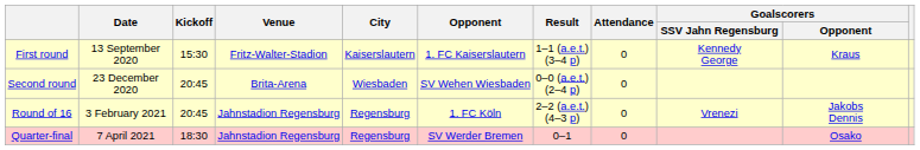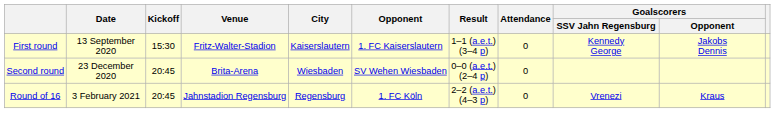 <table class="wikitable" Style="text-align: center;font-size:85%">
 <tr>
 <th rowspan="2"></th>
 <th rowspan="2" style="width:110px">Date</th>
 <th rowspan="2">Kickoff</th>
 <th rowspan="2">Venue</th>
 <th rowspan="2">City</th>
 <th rowspan="2">Opponent</th>
 <th rowspan="2">Result</th>
 <th rowspan="2">Attendance</th>
 <th colspan="2">Goalscorers</th>
 <th rowspan="2"></th>
 </tr>
 <tr>
 <th style="width:150px">SSV Jahn Regensburg</th>
 <th style="width:150px">Opponent</th>
 </tr>
 <tr style="background:#FFFFCC;">
 <td><a href='#'>First round</a></td>
 <td>13 September 2020</td>
 <td>15:30</td>
 <td><a href='#'>Fritz-Walter-Stadion</a></td>
 <td><a href='#'>Kaiserslautern</a></td>
 <td><a href='#'>1. FC Kaiserslautern</a></td>
 <td>1–1 (<a href='#'>a.e.t.</a>)<br>(3–4 <a href='#'>p</a>)</td>
 <td>0</td>
 <td><a href='#'>Kennedy</a> <br> <a href='#'>George</a> </td>
-<td><a href='#'>Kraus</a> </td>
+<td><a href='#'>Jakobs</a> <br> <a href='#'>Dennis</a> </td>
 <td></td>
 </tr>
 <tr style="background:#FFFFCC;">
 <td><a href='#'>Second round</a></td>
 <td>23 December 2020</td>
 <td>20:45</td>
 <td><a href='#'>Brita-Arena</a></td>
 <td><a href='#'>Wiesbaden</a></td>
 <td><a href='#'>SV Wehen Wiesbaden</a></td>
 <td>0–0 (<a href='#'>a.e.t.</a>)<br>(2–4 <a href='#'>p</a>)</td>
 <td>0</td>
 <td></td>
 <td></td>
 <td></td>
 </tr>
 <tr style="background:#FFFFCC;">
 <td><a href='#'>Round of 16</a></td>
 <td>3 February 2021</td>
 <td>20:45</td>
 <td><a href='#'>Jahnstadion Regensburg</a></td>
 <td><a href='#'>Regensburg</a></td>
 <td><a href='#'>1. FC Köln</a></td>
 <td>2–2 (<a href='#'>a.e.t.</a>)<br>(4–3 <a href='#'>p</a>)</td>
 <td>0</td>
 <td><a href='#'>Vrenezi</a> </td>
-<td><a href='#'>Jakobs</a> <br> <a href='#'>Dennis</a> </td>
-<td></td>
-</tr>
-<tr style="background:#FFCCCC;">
-<td><a href='#'>Quarter-final</a></td>
-<td>7 April 2021</td>
-<td>18:30</td>
-<td><a href='#'>Jahnstadion Regensburg</a></td>
-<td><a href='#'>Regensburg</a></td>
-<td><a href='#'>SV Werder Bremen</a></td>
-<td>0–1</td>
-<td>0</td>
-<td></td>
-<td><a href='#'>Osako</a> </td>
+<td><a href='#'>Kraus</a> </td>
 <td></td>
 </tr>
 </table>
